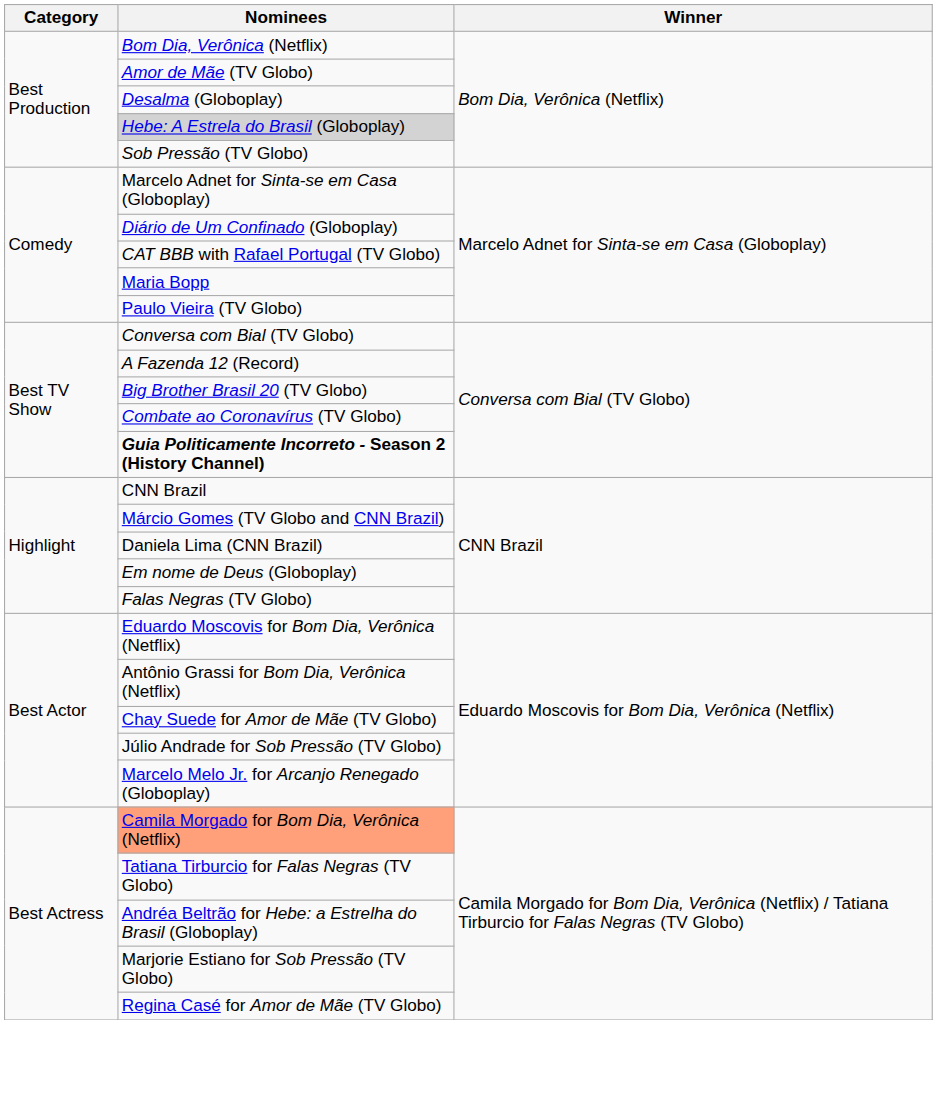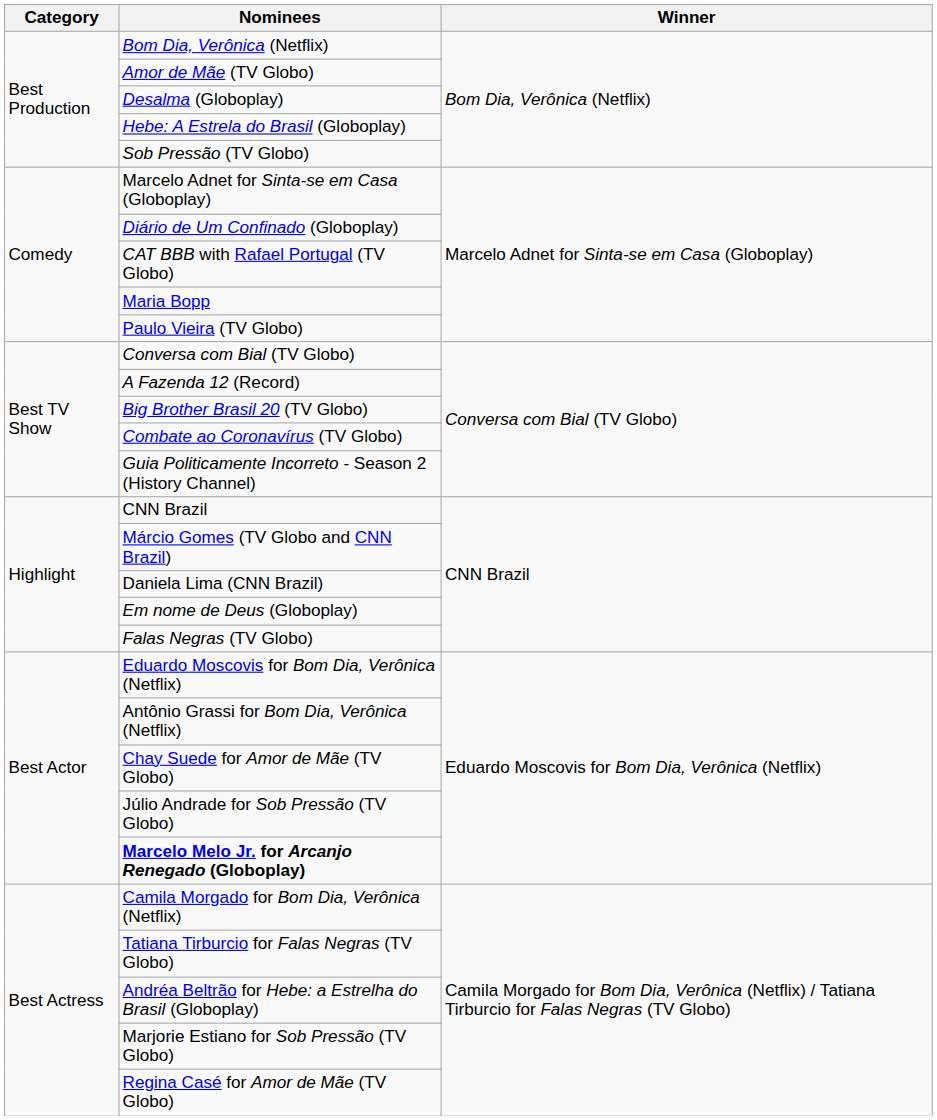 <table class="wikitable">
 <tr>
 <th>Category</th>
 <th>Nominees</th>
 <th>Winner</th>
 </tr>
 <tr>
 <td rowspan="5">Best Production</td>
 <td><em><a href='#'>Bom Dia, Verônica</a></em> (Netflix)</td>
 <td rowspan="5"><em>Bom Dia, Verônica</em> (Netflix)</td>
 </tr>
 <tr>
 <td><em><a href='#'>Amor de Mãe</a></em> (TV Globo)</td>
 </tr>
 <tr>
 <td><em><a href='#'>Desalma</a></em> (Globoplay)</td>
 </tr>
 <tr>
-<td style="background: lightgrey;"><em><a href='#'>Hebe: A Estrela do Brasil</a></em> (Globoplay)</td>
+<td><em><a href='#'>Hebe: A Estrela do Brasil</a></em> (Globoplay)</td>
 </tr>
 <tr>
 <td><em>Sob Pressão</em> (TV Globo)</td>
 </tr>
 <tr>
 <td rowspan="5">Comedy</td>
 <td>Marcelo Adnet for <em>Sinta-se em Casa</em> (Globoplay)</td>
 <td rowspan="5">Marcelo Adnet for <em>Sinta-se em Casa</em> (Globoplay)</td>
 </tr>
 <tr>
 <td><em><a href='#'>Diário de Um Confinado</a></em> (Globoplay)</td>
 </tr>
 <tr>
 <td><em>CAT BBB</em> with <a href='#'>Rafael Portugal</a> (TV Globo)</td>
 </tr>
 <tr>
 <td><a href='#'>Maria Bopp</a></td>
 </tr>
 <tr>
 <td><a href='#'>Paulo Vieira</a> (TV Globo)</td>
 </tr>
 <tr>
 <td rowspan="5">Best TV Show</td>
 <td><em>Conversa com Bial</em> (TV Globo)</td>
 <td rowspan="5"><em>Conversa com Bial</em> (TV Globo)</td>
 </tr>
 <tr>
 <td><em>A Fazenda 12</em> (Record)</td>
 </tr>
 <tr>
 <td><em><a href='#'>Big Brother Brasil 20</a></em> (TV Globo)</td>
 </tr>
 <tr>
 <td><em><a href='#'>Combate ao Coronavírus</a></em> (TV Globo)</td>
 </tr>
 <tr>
-<td><strong><em>Guia Politicamente Incorreto -</em> Season 2 (History Channel)</strong></td>
+<td><em>Guia Politicamente Incorreto -</em> Season 2 (History Channel)</td>
 </tr>
 <tr>
 <td rowspan="5">Highlight</td>
 <td>CNN Brazil</td>
 <td rowspan="5">CNN Brazil</td>
 </tr>
 <tr>
 <td><a href='#'>Márcio Gomes</a> (TV Globo and <a href='#'>CNN Brazil</a>)</td>
 </tr>
 <tr>
 <td>Daniela Lima (CNN Brazil)</td>
 </tr>
 <tr>
 <td><em>Em nome de Deus</em> (Globoplay)</td>
 </tr>
 <tr>
 <td><em>Falas Negras</em> (TV Globo)</td>
 </tr>
 <tr>
 <td rowspan="5">Best Actor</td>
 <td><a href='#'>Eduardo Moscovis</a> for <em>Bom Dia, Verônica</em> (Netflix)</td>
 <td rowspan="5">Eduardo Moscovis for <em>Bom Dia, Verônica</em> (Netflix)</td>
 </tr>
 <tr>
 <td>Antônio Grassi for <em>Bom Dia, Verônica</em> (Netflix)</td>
 </tr>
 <tr>
 <td><a href='#'>Chay Suede</a> for <em>Amor de Mãe</em> (TV Globo)</td>
 </tr>
 <tr>
 <td>Júlio Andrade for <em>Sob Pressão</em> (TV Globo)</td>
 </tr>
 <tr>
-<td><a href='#'>Marcelo Melo Jr.</a> for <em>Arcanjo Renegado</em> (Globoplay)</td>
+<td><strong><a href='#'>Marcelo Melo Jr.</a> for <em>Arcanjo Renegado</em> (Globoplay)</strong></td>
 </tr>
 <tr>
 <td rowspan="5">Best Actress</td>
-<td style="background: lightsalmon;"><a href='#'>Camila Morgado</a> for <em>Bom Dia, Verônica</em> (Netflix)</td>
+<td><a href='#'>Camila Morgado</a> for <em>Bom Dia, Verônica</em> (Netflix)</td>
 <td rowspan="5">Camila Morgado for <em>Bom Dia, Verônica</em> (Netflix) / Tatiana Tirburcio for <em>Falas Negras</em> (TV Globo)</td>
 </tr>
 <tr>
 <td><a href='#'>Tatiana Tirburcio</a> for <em>Falas Negras</em> (TV Globo)</td>
 </tr>
 <tr>
 <td><a href='#'>Andréa Beltrão</a> for <em>Hebe: a Estrelha do Brasil</em> (Globoplay)</td>
 </tr>
 <tr>
 <td>Marjorie Estiano for <em>Sob Pressão</em> (TV Globo)</td>
 </tr>
 <tr>
 <td><a href='#'>Regina Casé</a> for <em>Amor de Mãe</em> (TV Globo)</td>
 </tr>
 </table>
